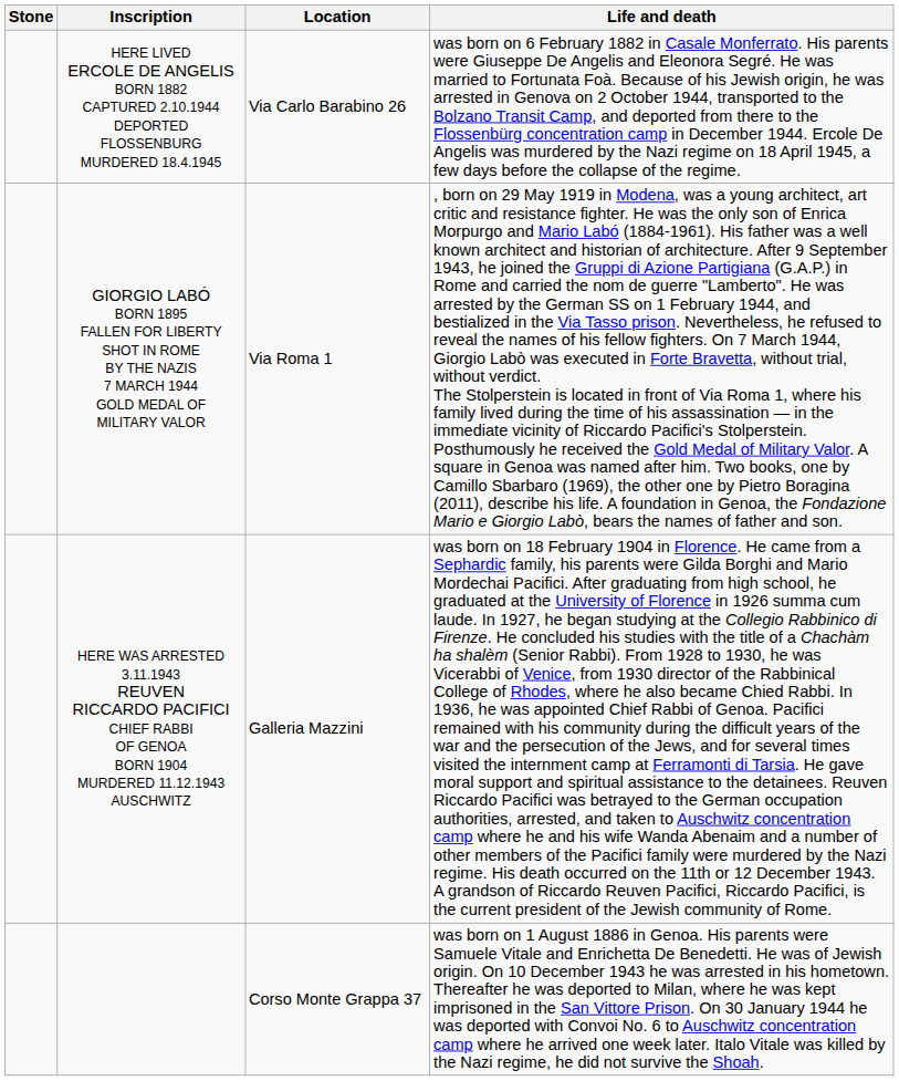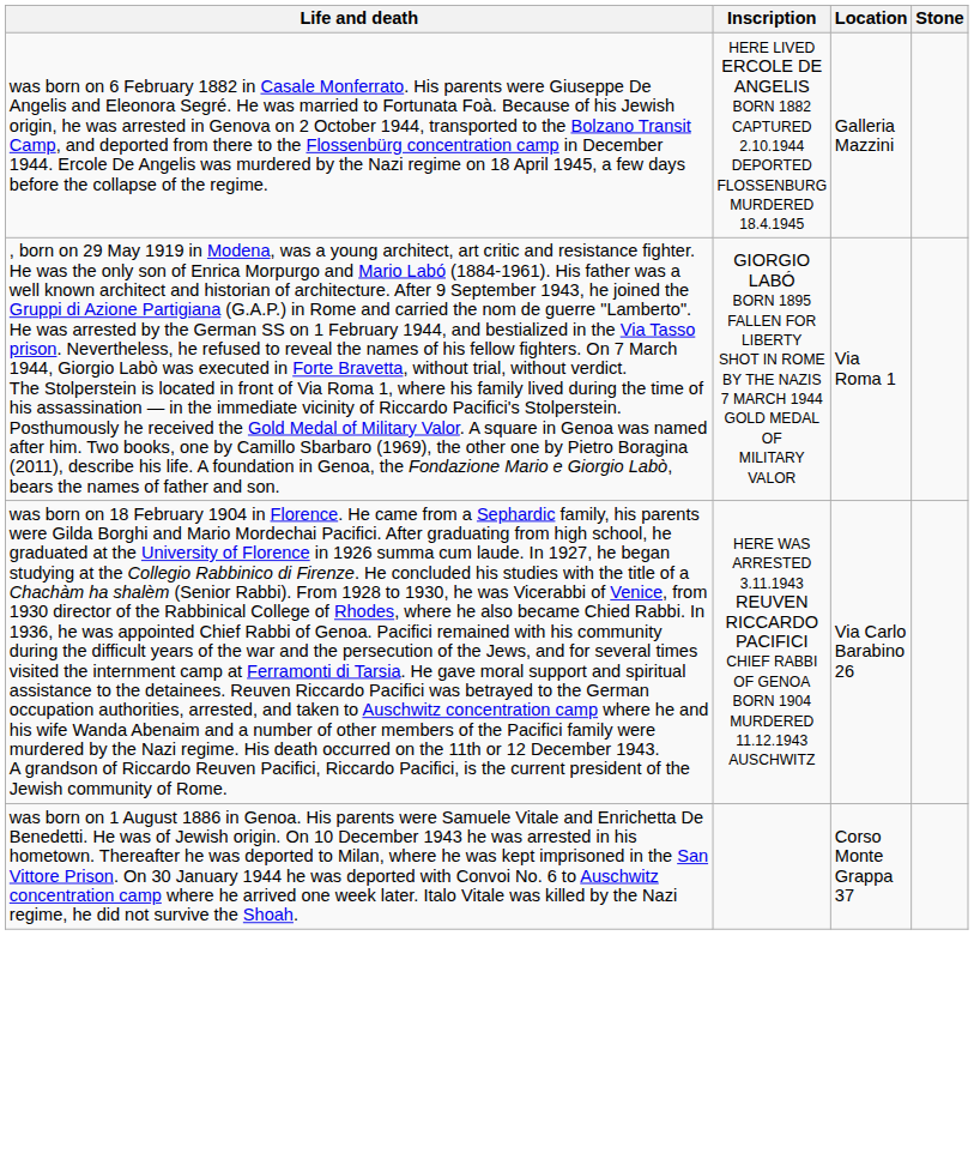 <table class="wikitable sortable toptextcells" style="width:100%">
 <tr>
-<th class="hintergrundfarbe6 unsortable" width="120px">Stone</th>
+<th class="hintergrundfarbe6" style="width:100%;">Life and death</th>
 <th class="hintergrundfarbe6 unsortable" style ="width:22%;">Inscription</th>
 <th class="hintergrundfarbe6" data-sort-type="text" style ="width:22%;">Location</th>
-<th class="hintergrundfarbe6" style="width:100%;">Life and death</th>
+<th class="hintergrundfarbe6 unsortable" width="120px">Stone</th>
 </tr>
 <tr>
+<td><strong></strong> was born on 6 February 1882 in <a href='#'>Casale Monferrato</a>. His parents were Giuseppe De Angelis and Eleonora Segré. He was married to Fortunata Foà. Because of his Jewish origin, he was arrested in Genova on 2 October 1944, transported to the <a href='#'>Bolzano Transit Camp</a>, and deported from there to the <a href='#'>Flossenbürg concentration camp</a> in December 1944. Ercole De Angelis was murdered by the Nazi regime on 18 April 1945, a few days before the collapse of the regime.</td>
+<td style="text-align:center"><div><small>HERE LIVED</small><br>ERCOLE DE ANGELIS<br><small>BORN 1882<br>CAPTURED 2.10.1944<br>DEPORTED<br>FLOSSENBURG<br>MURDERED 18.4.1945</small></div></td>
+<td>Galleria Mazzini<br></td>
 <td></td>
-<td style="text-align:center"><div><small>HERE LIVED</small><br>ERCOLE DE ANGELIS<br><small>BORN 1882<br>CAPTURED 2.10.1944<br>DEPORTED<br>FLOSSENBURG<br>MURDERED 18.4.1945</small></div></td>
-<td>Via Carlo Barabino 26</td>
-<td><strong></strong> was born on 6 February 1882 in <a href='#'>Casale Monferrato</a>. His parents were Giuseppe De Angelis and Eleonora Segré. He was married to Fortunata Foà. Because of his Jewish origin, he was arrested in Genova on 2 October 1944, transported to the <a href='#'>Bolzano Transit Camp</a>, and deported from there to the <a href='#'>Flossenbürg concentration camp</a> in December 1944. Ercole De Angelis was murdered by the Nazi regime on 18 April 1945, a few days before the collapse of the regime.</td>
 </tr>
 <tr>
-<td></td>
+<td><strong></strong>, born on 29 May 1919 in <a href='#'>Modena</a>, was a young architect, art critic and resistance fighter. He was the only son of Enrica Morpurgo and <a href='#'>Mario Labó</a> (1884-1961). His father was a well known architect and historian of architecture. After 9 September 1943, he joined the <a href='#'>Gruppi di Azione Partigiana</a> (G.A.P.) in Rome and carried the nom de guerre "Lamberto". He was arrested by the German SS on 1 February 1944, and bestialized in the <a href='#'>Via Tasso prison</a>. Nevertheless, he refused to reveal the names of his fellow fighters. On 7 March 1944, Giorgio Labò was executed in <a href='#'>Forte Bravetta</a>, without trial, without verdict.<br>The Stolperstein is located in front of Via Roma 1, where his family lived during the time of his assassination — in the immediate vicinity of Riccardo Pacifici's Stolperstein. Posthumously he received the <a href='#'>Gold Medal of Military Valor</a>. A square in Genoa was named after him. Two books, one by Camillo Sbarbaro (1969), the other one by Pietro Boragina (2011), describe his life. A foundation in Genoa, the <em>Fondazione Mario e Giorgio Labò</em>, bears the names of father and son.</td>
 <td style="text-align:center"><div>GIORGIO LABÓ<br><small>BORN 1895<br>FALLEN FOR LIBERTY<br>SHOT IN ROME<br>BY THE NAZIS<br>7 MARCH 1944<br>GOLD MEDAL OF<br>MILITARY VALOR</small></div></td>
 <td>Via Roma 1<br></td>
-<td><strong></strong>, born on 29 May 1919 in <a href='#'>Modena</a>, was a young architect, art critic and resistance fighter. He was the only son of Enrica Morpurgo and <a href='#'>Mario Labó</a> (1884-1961). His father was a well known architect and historian of architecture. After 9 September 1943, he joined the <a href='#'>Gruppi di Azione Partigiana</a> (G.A.P.) in Rome and carried the nom de guerre "Lamberto". He was arrested by the German SS on 1 February 1944, and bestialized in the <a href='#'>Via Tasso prison</a>. Nevertheless, he refused to reveal the names of his fellow fighters. On 7 March 1944, Giorgio Labò was executed in <a href='#'>Forte Bravetta</a>, without trial, without verdict.<br>The Stolperstein is located in front of Via Roma 1, where his family lived during the time of his assassination — in the immediate vicinity of Riccardo Pacifici's Stolperstein. Posthumously he received the <a href='#'>Gold Medal of Military Valor</a>. A square in Genoa was named after him. Two books, one by Camillo Sbarbaro (1969), the other one by Pietro Boragina (2011), describe his life. A foundation in Genoa, the <em>Fondazione Mario e Giorgio Labò</em>, bears the names of father and son.</td>
+<td></td>
 </tr>
 <tr>
+<td><strong></strong> was born on 18 February 1904 in <a href='#'>Florence</a>. He came from a <a href='#'>Sephardic</a> family, his parents were Gilda Borghi and Mario Mordechai Pacifici. After graduating from high school, he graduated at the <a href='#'>University of Florence</a> in 1926 summa cum laude. In 1927, he began studying at the <em>Collegio Rabbinico di Firenze</em>. He concluded his studies with the title of a <em>Chachàm ha shalèm</em> (Senior Rabbi). From 1928 to 1930, he was Vicerabbi of <a href='#'>Venice</a>, from 1930 director of the Rabbinical College of <a href='#'>Rhodes</a>, where he also became Chied Rabbi. In 1936, he was appointed Chief Rabbi of Genoa. Pacifici remained with his community during the difficult years of the war and the persecution of the Jews, and for several times visited the internment camp at <a href='#'>Ferramonti di Tarsia</a>. He gave moral support and spiritual assistance to the detainees. Reuven Riccardo Pacifici was betrayed to the German occupation authorities, arrested, and taken to <a href='#'>Auschwitz concentration camp</a> where he and his wife Wanda Abenaim and a number of other members of the Pacifici family were murdered by the Nazi regime. His death occurred on the 11th or 12 December 1943.<br>A grandson of Riccardo Reuven Pacifici, Riccardo Pacifici, is the current president of the Jewish community of Rome.</td>
+<td style="text-align:center"><div><small>HERE WAS ARRESTED<br>3.11.1943</small><br>REUVEN<br>RICCARDO PACIFICI<br><small>CHIEF RABBI<br>OF GENOA<br>BORN 1904<br>MURDERED 11.12.1943<br>AUSCHWITZ</small></div></td>
+<td>Via Carlo Barabino 26</td>
 <td></td>
-<td style="text-align:center"><div><small>HERE WAS ARRESTED<br>3.11.1943</small><br>REUVEN<br>RICCARDO PACIFICI<br><small>CHIEF RABBI<br>OF GENOA<br>BORN 1904<br>MURDERED 11.12.1943<br>AUSCHWITZ</small></div></td>
-<td>Galleria Mazzini<br></td>
-<td><strong></strong> was born on 18 February 1904 in <a href='#'>Florence</a>. He came from a <a href='#'>Sephardic</a> family, his parents were Gilda Borghi and Mario Mordechai Pacifici. After graduating from high school, he graduated at the <a href='#'>University of Florence</a> in 1926 summa cum laude. In 1927, he began studying at the <em>Collegio Rabbinico di Firenze</em>. He concluded his studies with the title of a <em>Chachàm ha shalèm</em> (Senior Rabbi). From 1928 to 1930, he was Vicerabbi of <a href='#'>Venice</a>, from 1930 director of the Rabbinical College of <a href='#'>Rhodes</a>, where he also became Chied Rabbi. In 1936, he was appointed Chief Rabbi of Genoa. Pacifici remained with his community during the difficult years of the war and the persecution of the Jews, and for several times visited the internment camp at <a href='#'>Ferramonti di Tarsia</a>. He gave moral support and spiritual assistance to the detainees. Reuven Riccardo Pacifici was betrayed to the German occupation authorities, arrested, and taken to <a href='#'>Auschwitz concentration camp</a> where he and his wife Wanda Abenaim and a number of other members of the Pacifici family were murdered by the Nazi regime. His death occurred on the 11th or 12 December 1943.<br>A grandson of Riccardo Reuven Pacifici, Riccardo Pacifici, is the current president of the Jewish community of Rome.</td>
 </tr>
 <tr>
-<td></td>
+<td><strong></strong> was born on 1 August 1886 in Genoa. His parents were Samuele Vitale and  Enrichetta De Benedetti. He was of Jewish origin. On 10 December 1943 he was arrested in his hometown. Thereafter he was deported to Milan, where he was kept imprisoned in the <a href='#'>San Vittore Prison</a>. On 30 January 1944 he was deported with Convoi No. 6 to <a href='#'>Auschwitz concentration camp</a> where he arrived one week later. Italo Vitale was killed by the Nazi regime, he did not survive the <a href='#'>Shoah</a>.</td>
 <td></td>
 <td>Corso Monte Grappa 37</td>
-<td><strong></strong> was born on 1 August 1886 in Genoa. His parents were Samuele Vitale and  Enrichetta De Benedetti. He was of Jewish origin. On 10 December 1943 he was arrested in his hometown. Thereafter he was deported to Milan, where he was kept imprisoned in the <a href='#'>San Vittore Prison</a>. On 30 January 1944 he was deported with Convoi No. 6 to <a href='#'>Auschwitz concentration camp</a> where he arrived one week later. Italo Vitale was killed by the Nazi regime, he did not survive the <a href='#'>Shoah</a>.</td>
+<td></td>
 </tr>
 </table>
